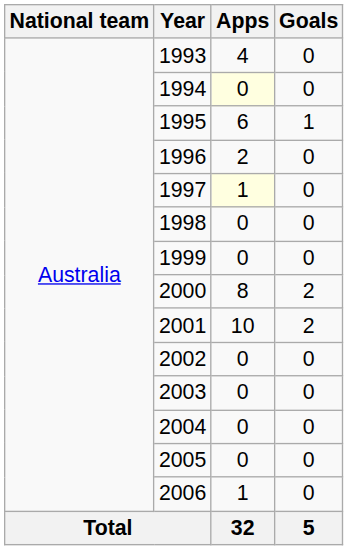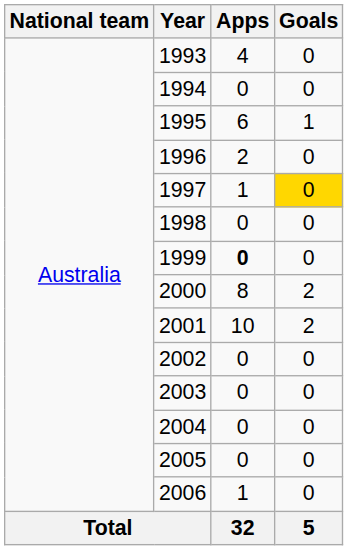 <table class="wikitable" style="text-align:center">
 <tr>
 <th>National team</th>
 <th>Year</th>
 <th>Apps</th>
 <th>Goals</th>
 </tr>
 <tr>
 <td rowspan="14"><a href='#'>Australia</a></td>
 <td>1993</td>
 <td>4</td>
 <td>0</td>
 </tr>
 <tr>
 <td>1994</td>
-<td style="background: lightyellow;">0</td>
+<td>0</td>
 <td>0</td>
 </tr>
 <tr>
 <td>1995</td>
 <td>6</td>
 <td>1</td>
 </tr>
 <tr>
 <td>1996</td>
 <td>2</td>
 <td>0</td>
 </tr>
 <tr>
 <td>1997</td>
-<td style="background: lightyellow;">1</td>
-<td>0</td>
+<td>1</td>
+<td style="background: gold;">0</td>
 </tr>
 <tr>
 <td>1998</td>
 <td>0</td>
 <td>0</td>
 </tr>
 <tr>
 <td>1999</td>
-<td>0</td>
+<td><strong>0</strong></td>
 <td>0</td>
 </tr>
 <tr>
 <td>2000</td>
 <td>8</td>
 <td>2</td>
 </tr>
 <tr>
 <td>2001</td>
 <td>10</td>
 <td>2</td>
 </tr>
 <tr>
 <td>2002</td>
 <td>0</td>
 <td>0</td>
 </tr>
 <tr>
 <td>2003</td>
 <td>0</td>
 <td>0</td>
 </tr>
 <tr>
 <td>2004</td>
 <td>0</td>
 <td>0</td>
 </tr>
 <tr>
 <td>2005</td>
 <td>0</td>
 <td>0</td>
 </tr>
 <tr>
 <td>2006</td>
 <td>1</td>
 <td>0</td>
 </tr>
 <tr>
 <th colspan="2">Total</th>
 <th>32</th>
 <th>5</th>
 </tr>
 </table>
